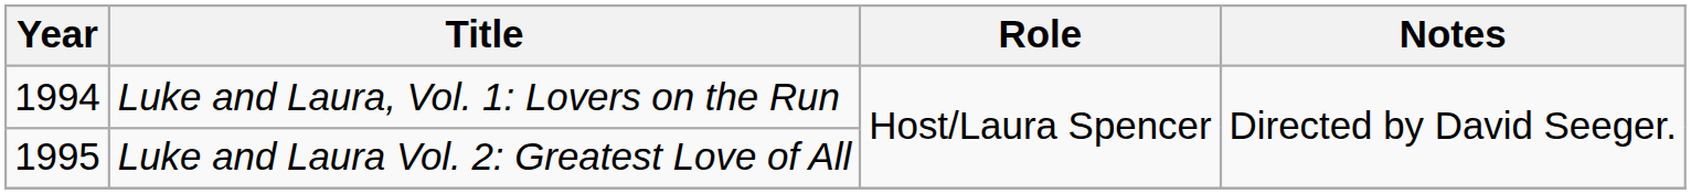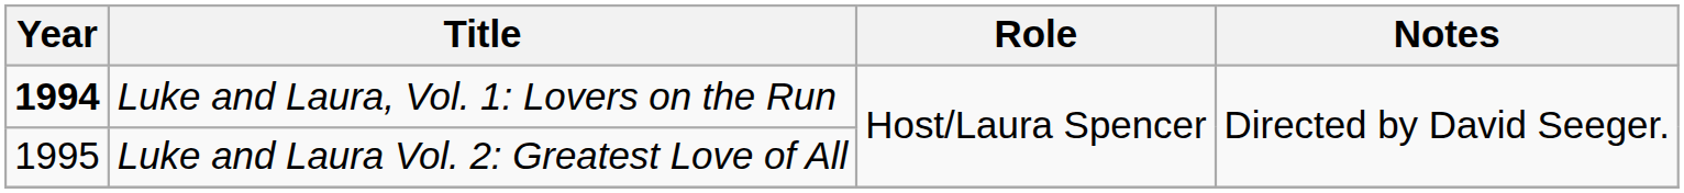 <table class="wikitable sortable">
 <tr>
 <th>Year</th>
 <th>Title</th>
 <th>Role</th>
 <th class="unsortable">Notes</th>
 </tr>
 <tr>
-<td>1994</td>
+<td><strong>1994</strong></td>
 <td><em>Luke and Laura, Vol. 1: Lovers on the Run</em></td>
 <td rowspan="2">Host/Laura Spencer</td>
 <td rowspan="2">Directed by David Seeger.</td>
 </tr>
 <tr>
 <td>1995</td>
 <td><em>Luke and Laura Vol. 2: Greatest Love of All</em></td>
 </tr>
 <tr>
 </tr>
 </table>
